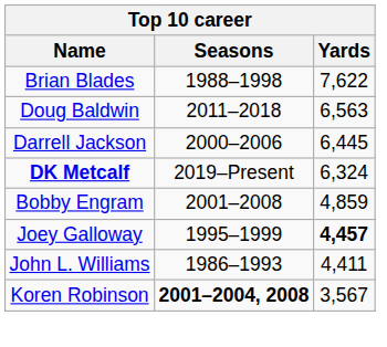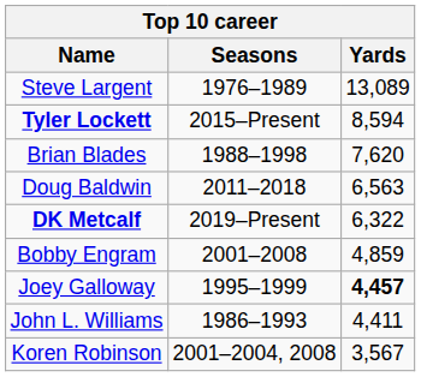 <table class="wikitable" style="text-align:center">
 <tr>
 <th colspan="3"><strong>Top 10 career</strong></th>
 </tr>
 <tr>
 <th><strong>Name</strong></th>
 <th><strong>Seasons</strong></th>
 <th><strong>Yards</strong></th>
 </tr>
 <tr>
+<td><a href='#'>Steve Largent</a></td>
+<td>1976–1989</td>
+<td>13,089</td>
+</tr>
+<tr>
+<td><strong><a href='#'>Tyler Lockett</a></strong></td>
+<td>2015–Present</td>
+<td>8,594</td>
+</tr>
+<tr>
 <td><a href='#'>Brian Blades</a></td>
 <td>1988–1998</td>
-<td>7,622</td>
+<td>7,620</td>
 </tr>
 <tr>
 <td><a href='#'>Doug Baldwin</a></td>
 <td>2011–2018</td>
 <td>6,563</td>
 </tr>
 <tr>
-<td><a href='#'>Darrell Jackson</a></td>
-<td>2000–2006</td>
-<td>6,445</td>
-</tr>
-<tr>
 <td><strong><a href='#'>DK Metcalf</a></strong></td>
 <td>2019–Present</td>
-<td>6,324</td>
+<td>6,322</td>
 </tr>
 <tr>
 <td><a href='#'>Bobby Engram</a></td>
 <td>2001–2008</td>
 <td>4,859</td>
 </tr>
 <tr>
 <td><a href='#'>Joey Galloway</a></td>
 <td>1995–1999</td>
 <td><strong>4,457</strong></td>
 </tr>
 <tr>
 <td><a href='#'>John L. Williams</a></td>
 <td>1986–1993</td>
 <td>4,411</td>
 </tr>
 <tr>
 <td><a href='#'>Koren Robinson</a></td>
-<td><strong>2001–2004, 2008</strong></td>
+<td>2001–2004, 2008</td>
 <td>3,567</td>
 </tr>
 </table>
